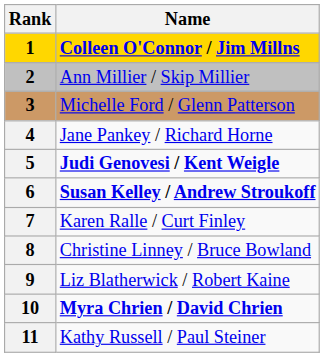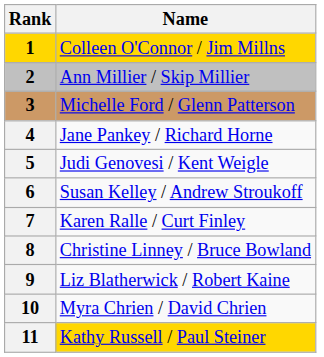 <table class="wikitable">
 <tr>
 <th>Rank</th>
 <th>Name</th>
 </tr>
 <tr bgcolor="gold">
 <td align="center"><strong>1</strong></td>
-<td><strong><a href='#'>Colleen O'Connor</a> / <a href='#'>Jim Millns</a></strong></td>
+<td><a href='#'>Colleen O'Connor</a> / <a href='#'>Jim Millns</a></td>
 </tr>
 <tr bgcolor="silver">
 <td align="center"><strong>2</strong></td>
 <td><a href='#'>Ann Millier</a> / <a href='#'>Skip Millier</a></td>
 </tr>
 <tr bgcolor="cc9966">
 <td align="center"><strong>3</strong></td>
 <td><a href='#'>Michelle Ford</a> / <a href='#'>Glenn Patterson</a></td>
 </tr>
 <tr>
 <th>4</th>
 <td><a href='#'>Jane Pankey</a> / <a href='#'>Richard Horne</a></td>
 </tr>
 <tr>
 <th>5</th>
-<td><strong><a href='#'>Judi Genovesi</a> / <a href='#'>Kent Weigle</a></strong></td>
+<td><a href='#'>Judi Genovesi</a> / <a href='#'>Kent Weigle</a></td>
 </tr>
 <tr>
 <th>6</th>
-<td><strong><a href='#'>Susan Kelley</a> / <a href='#'>Andrew Stroukoff</a></strong></td>
+<td><a href='#'>Susan Kelley</a> / <a href='#'>Andrew Stroukoff</a></td>
 </tr>
 <tr>
 <th>7</th>
 <td><a href='#'>Karen Ralle</a> / <a href='#'>Curt Finley</a></td>
 </tr>
 <tr>
 <th>8</th>
 <td><a href='#'>Christine Linney</a> / <a href='#'>Bruce Bowland</a></td>
 </tr>
 <tr>
 <th>9</th>
 <td><a href='#'>Liz Blatherwick</a> / <a href='#'>Robert Kaine</a></td>
 </tr>
 <tr>
 <th>10</th>
-<td><strong><a href='#'>Myra Chrien</a> / <a href='#'>David Chrien</a></strong></td>
+<td><a href='#'>Myra Chrien</a> / <a href='#'>David Chrien</a></td>
 </tr>
 <tr>
 <th>11</th>
-<td><a href='#'>Kathy Russell</a> / <a href='#'>Paul Steiner</a></td>
+<td style="background: gold;"><a href='#'>Kathy Russell</a> / <a href='#'>Paul Steiner</a></td>
 </tr>
 </table>
